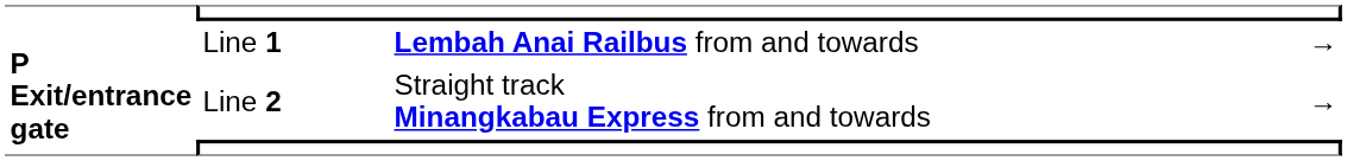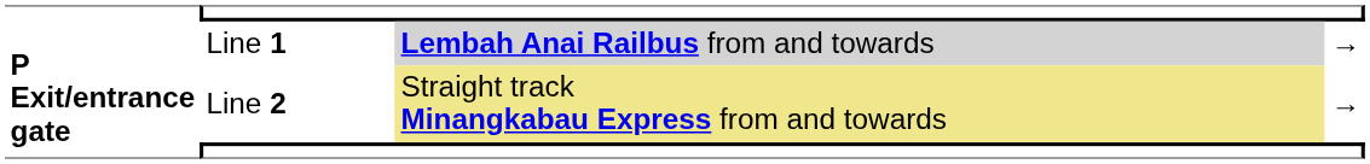 <table cellpadding="3" cellspacing="0">
 <tr>
 <td colspan="4" align="center"> </td>
 </tr>
 <tr>
 <td rowspan="4" width="75" style="border-top:solid 1px gray; border-bottom:solid 1px gray"><br><strong>P</strong><br><strong>Exit/entrance gate</strong></td>
 <td colspan="3" style="border-top:solid 1px gray;border-right:solid 2px black;border-left:solid 2px black;border-bottom:solid 2px black;text-align:center;"></td>
 </tr>
 <tr>
 <td>Line <strong>1</strong></td>
-<td> <strong><a href='#'>Lembah Anai Railbus</a></strong> from and towards </td>
+<td style="background: lightgrey;"> <strong><a href='#'>Lembah Anai Railbus</a></strong> from and towards </td>
 <td> →</td>
 </tr>
 <tr>
 <td width="100">Line <strong>2</strong></td>
-<td width="500">Straight track<br> <strong><a href='#'>Minangkabau Express</a></strong> from and towards </td>
+<td width="500" style="background: khaki;">Straight track<br> <strong><a href='#'>Minangkabau Express</a></strong> from and towards </td>
 <td> →</td>
 </tr>
 <tr>
 <td colspan="3" style="border-top:solid 2px black;border-right:solid 2px black;border-left:solid 2px black;border-bottom:solid 1px gray;text-align:center;"></td>
 </tr>
 </table>
